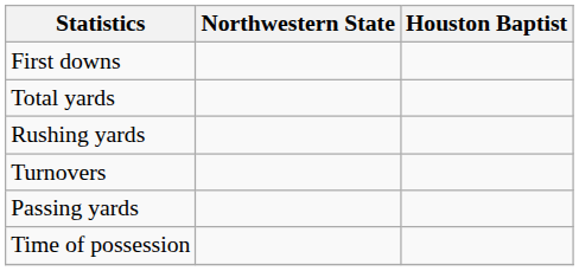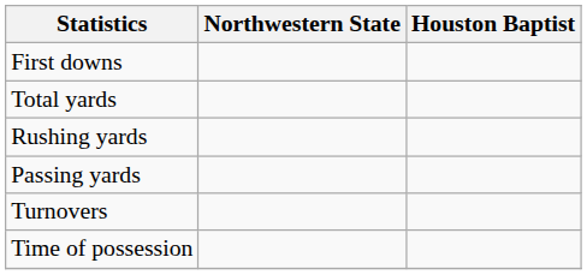 <table class="wikitable">
 <tr>
 <th>Statistics</th>
 <th>Northwestern State</th>
 <th>Houston Baptist</th>
 </tr>
 <tr>
 <td>First downs</td>
 <td> </td>
 <td> </td>
 </tr>
 <tr>
 <td>Total yards</td>
 <td> </td>
 <td> </td>
 </tr>
 <tr>
 <td>Rushing yards</td>
 <td> </td>
 <td> </td>
 </tr>
 <tr>
-<td>Turnovers</td>
+<td>Passing yards</td>
 <td> </td>
 <td> </td>
 </tr>
 <tr>
-<td>Passing yards</td>
+<td>Turnovers</td>
 <td> </td>
 <td> </td>
 </tr>
 <tr>
 <td>Time of possession</td>
 <td> </td>
 <td> </td>
 </tr>
 <tr>
 </tr>
 </table>
